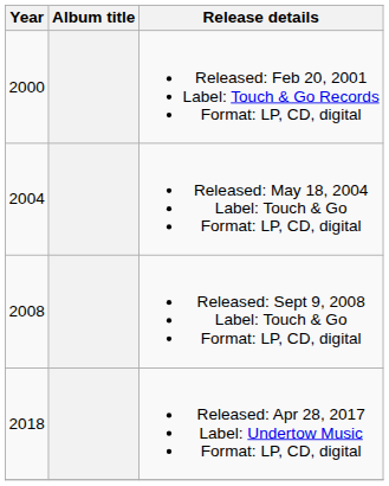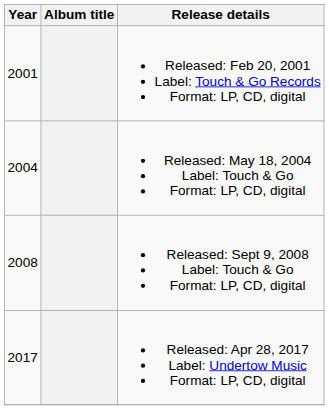 <table class="wikitable plainrowheaders" style="text-align:center;">
 <tr>
 <th>Year</th>
 <th scope="col" rowspan="1">Album title</th>
 <th scope="col" rowspan="1">Release details</th>
 </tr>
 <tr>
-<td>2000</td>
+<td>2001</td>
 <th></th>
 <td><br><ul><li>Released: Feb 20, 2001</li><li>Label: <a href='#'>Touch & Go Records</a></li><li>Format: LP, CD, digital</li></ul></td>
 </tr>
 <tr>
 <td>2004</td>
 <th></th>
 <td><br><ul><li>Released: May 18, 2004</li><li>Label: Touch & Go</li><li>Format: LP, CD, digital</li></ul></td>
 </tr>
 <tr>
 <td>2008</td>
 <th></th>
 <td><br><ul><li>Released: Sept 9, 2008</li><li>Label: Touch & Go</li><li>Format: LP, CD, digital</li></ul></td>
 </tr>
 <tr>
-<td>2018</td>
+<td>2017</td>
 <th></th>
 <td><br><ul><li>Released: Apr 28, 2017</li><li>Label: <a href='#'>Undertow Music</a></li><li>Format: LP, CD, digital</li></ul></td>
 </tr>
 <tr>
 </tr>
 </table>
